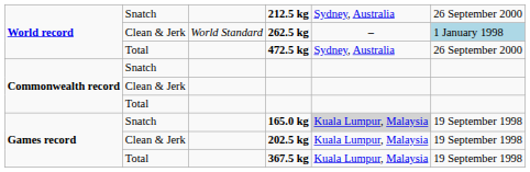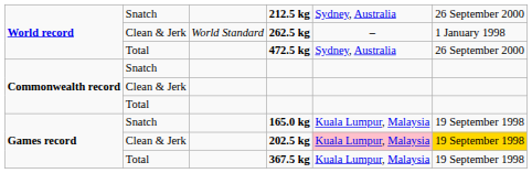 <table class="wikitable">
 <tr>
 <td rowspan=3><strong><a href='#'>World record</a></strong></td>
 <td>Snatch</td>
 <td></td>
 <td><strong>212.5 kg</strong></td>
 <td><a href='#'>Sydney</a>, <a href='#'>Australia</a></td>
 <td>26 September 2000</td>
 </tr>
 <tr>
 <td>Clean & Jerk</td>
 <td align=center><em>World Standard</em></td>
 <td><strong>262.5 kg</strong></td>
 <td align=center><strong>–</strong></td>
-<td style="background: lightblue;">1 January 1998</td>
+<td>1 January 1998</td>
 </tr>
 <tr>
 <td>Total</td>
 <td></td>
 <td><strong>472.5 kg</strong></td>
 <td><a href='#'>Sydney</a>, <a href='#'>Australia</a></td>
 <td>26 September 2000</td>
 </tr>
 <tr>
 <td rowspan=3><strong>Commonwealth record</strong></td>
 <td>Snatch</td>
 <td></td>
 <td></td>
 <td></td>
 <td></td>
 </tr>
 <tr>
 <td>Clean & Jerk</td>
 <td></td>
 <td></td>
 <td></td>
 <td></td>
 </tr>
 <tr>
 <td>Total</td>
 <td></td>
 <td></td>
 <td></td>
 <td></td>
 </tr>
 <tr>
 <td rowspan=3><strong>Games record</strong></td>
 <td>Snatch</td>
 <td></td>
 <td><strong>165.0 kg</strong></td>
-<td style="background: lightgrey;"><a href='#'>Kuala Lumpur</a>, <a href='#'>Malaysia</a></td>
+<td><a href='#'>Kuala Lumpur</a>, <a href='#'>Malaysia</a></td>
 <td>19 September 1998</td>
 </tr>
 <tr>
 <td>Clean & Jerk</td>
 <td></td>
 <td><strong>202.5 kg</strong></td>
-<td><a href='#'>Kuala Lumpur</a>, <a href='#'>Malaysia</a></td>
-<td>19 September 1998</td>
+<td style="background: pink;"><a href='#'>Kuala Lumpur</a>, <a href='#'>Malaysia</a></td>
+<td style="background: gold;">19 September 1998</td>
 </tr>
 <tr>
 <td>Total</td>
 <td></td>
 <td><strong>367.5 kg</strong></td>
 <td><a href='#'>Kuala Lumpur</a>, <a href='#'>Malaysia</a></td>
 <td>19 September 1998</td>
 </tr>
 </table>
